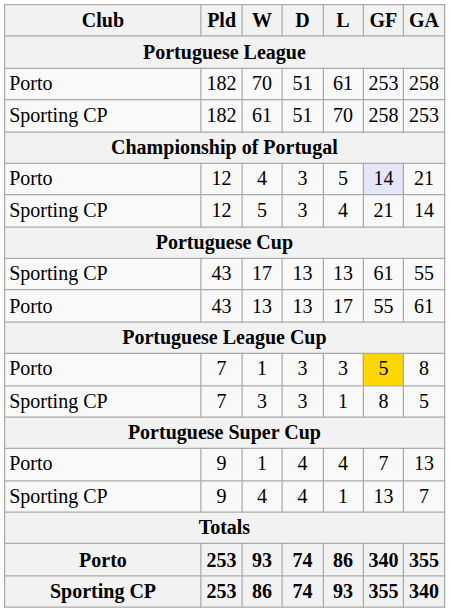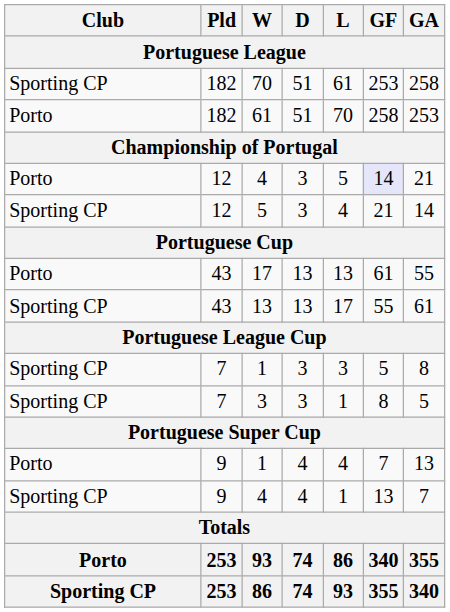 <table class="wikitable" border="1">
 <tr>
 <th width="150">Club</th>
 <th width="25">Pld</th>
 <th width="25">W</th>
 <th width="25">D</th>
 <th width="25">L</th>
 <th width="25">GF</th>
 <th width="25">GA</th>
 </tr>
 <tr>
 <th colspan="7">Portuguese League</th>
 </tr>
 <tr>
-<td>Porto</td>
+<td>Sporting CP</td>
 <td align="center">182</td>
 <td align="center">70</td>
 <td align="center">51</td>
 <td align="center">61</td>
 <td align="center">253</td>
 <td align="center">258</td>
 </tr>
 <tr>
-<td>Sporting CP</td>
+<td>Porto</td>
 <td align="center">182</td>
 <td align="center">61</td>
 <td align="center">51</td>
 <td align="center">70</td>
 <td align="center">258</td>
 <td align="center">253</td>
 </tr>
 <tr>
 <th colspan="7">Championship of Portugal</th>
 </tr>
 <tr>
 <td>Porto</td>
 <td align="center">12</td>
 <td align="center">4</td>
 <td align="center">3</td>
 <td align="center">5</td>
 <td align="center" style="background: lavender;">14</td>
 <td align="center">21</td>
 </tr>
 <tr>
 <td>Sporting CP</td>
 <td align="center">12</td>
 <td align="center">5</td>
 <td align="center">3</td>
 <td align="center">4</td>
 <td align="center">21</td>
 <td align="center">14</td>
 </tr>
 <tr>
 <th colspan="7">Portuguese Cup</th>
 </tr>
 <tr>
-<td>Sporting CP</td>
+<td>Porto</td>
 <td align="center">43</td>
 <td align="center">17</td>
 <td align="center">13</td>
 <td align="center">13</td>
 <td align="center">61</td>
 <td align="center">55</td>
 </tr>
 <tr>
-<td>Porto</td>
+<td>Sporting CP</td>
 <td align="center">43</td>
 <td align="center">13</td>
 <td align="center">13</td>
 <td align="center">17</td>
 <td align="center">55</td>
 <td align="center">61</td>
 </tr>
 <tr>
 <th colspan="7">Portuguese League Cup</th>
 </tr>
 <tr>
-<td>Porto</td>
+<td>Sporting CP</td>
 <td align="center">7</td>
 <td align="center">1</td>
 <td align="center">3</td>
 <td align="center">3</td>
-<td align="center" style="background: gold;">5</td>
+<td align="center">5</td>
 <td align="center">8</td>
 </tr>
 <tr>
 <td>Sporting CP</td>
 <td align="center">7</td>
 <td align="center">3</td>
 <td align="center">3</td>
 <td align="center">1</td>
 <td align="center">8</td>
 <td align="center">5</td>
 </tr>
 <tr>
 <th colspan="7">Portuguese Super Cup</th>
 </tr>
 <tr>
 <td>Porto</td>
 <td align="center">9</td>
 <td align="center">1</td>
 <td align="center">4</td>
 <td align="center">4</td>
 <td align="center">7</td>
 <td align="center">13</td>
 </tr>
 <tr>
 <td>Sporting CP</td>
 <td align="center">9</td>
 <td align="center">4</td>
 <td align="center">4</td>
 <td align="center">1</td>
 <td align="center">13</td>
 <td align="center">7</td>
 </tr>
 <tr>
 <th colspan="7">Totals</th>
 </tr>
 <tr>
 <th>Porto</th>
 <th>253</th>
 <th>93</th>
 <th>74</th>
 <th>86</th>
 <th>340</th>
 <th>355</th>
 </tr>
 <tr>
 <th>Sporting CP</th>
 <th>253</th>
 <th>86</th>
 <th>74</th>
 <th>93</th>
 <th>355</th>
 <th>340</th>
 </tr>
 </table>
